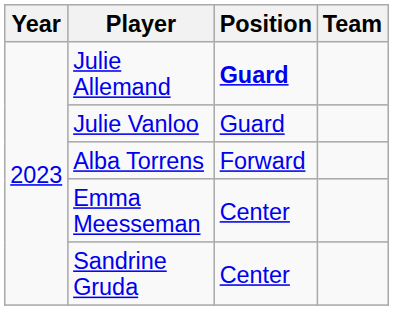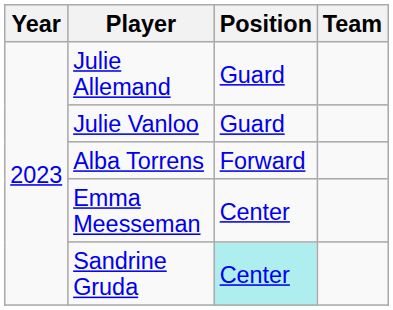 <table class="wikitable" style="width: 40%; text-align:center; font-size:95%">
 <tr>
 <th>Year</th>
 <th>Player</th>
 <th>Position</th>
 <th>Team</th>
 </tr>
 <tr>
 <td rowspan=5><a href='#'>2023</a></td>
 <td align=left><a href='#'>Julie Allemand</a></td>
-<td align=left><strong><a href='#'>Guard</a></strong></td>
+<td align=left><a href='#'>Guard</a></td>
 <td align=left></td>
 </tr>
 <tr>
 <td align=left><a href='#'>Julie Vanloo</a></td>
 <td align=left><a href='#'>Guard</a></td>
 <td align=left></td>
 </tr>
 <tr>
 <td align=left><a href='#'>Alba Torrens</a></td>
 <td align=left><a href='#'>Forward</a></td>
 <td align=left></td>
 </tr>
 <tr>
 <td align=left><a href='#'>Emma Meesseman</a></td>
 <td align=left><a href='#'>Center</a></td>
 <td align=left></td>
 </tr>
 <tr>
 <td align=left><a href='#'>Sandrine Gruda</a></td>
-<td align=left><a href='#'>Center</a></td>
+<td align=left style="background: paleturquoise;"><a href='#'>Center</a></td>
 <td align=left></td>
 </tr>
 </table>
